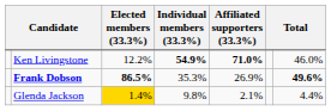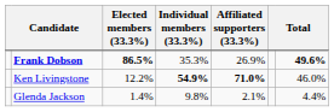 <table class="wikitable" style="font-size: 95%;">
 <tr style="background-color:#E9E9E9">
 <th colspan="2" scope="col" rowspan="1" width="125">Candidate</th>
 <th scope="col" colspan="1" width="65">Elected  <br> members <br> (33.3%)</th>
 <th scope="col" colspan="1" width="65">Individual  <br>members <br> (33.3%)</th>
 <th scope="col" colspan="1" width="65">Affiliated  <br>supporters <br> (33.3%)</th>
 <th scope="col" colspan="2" width="75">Total</th>
 </tr>
 <tr style="background-color:#E9E9E9; border-bottom: 2px solid gray;">
 </tr>
 <tr align="right">
 <td style="background-color: "></td>
+<td scope="row" align="left"><strong><a href='#'>Frank Dobson</a></strong></td>
+<td><strong>86.5%</strong></td>
+<td>35.3%</td>
+<td>26.9%</td>
+<td align=center></td>
+<td><strong>49.6%</strong></td>
+</tr>
+<tr align="right">
+<td style="background-color: "></td>
 <td scope="row" align="left"><a href='#'>Ken Livingstone</a></td>
 <td>12.2%</td>
 <td><strong>54.9%</strong></td>
 <td><strong>71.0%</strong></td>
 <td align=center></td>
 <td>46.0%</td>
 </tr>
 <tr align="right">
 <td style="background-color: "></td>
-<td scope="row" align="left"><strong><a href='#'>Frank Dobson</a></strong></td>
-<td><strong>86.5%</strong></td>
-<td>35.3%</td>
-<td>26.9%</td>
-<td align=center></td>
-<td><strong>49.6%</strong></td>
-</tr>
-<tr align="right">
-<td style="background-color: "></td>
 <td scope="row" align="left"><a href='#'>Glenda Jackson</a></td>
-<td style="background: gold;">1.4%</td>
+<td>1.4%</td>
 <td>9.8%</td>
 <td>2.1%</td>
 <td align=center></td>
 <td>4.4%</td>
 </tr>
 </table>
